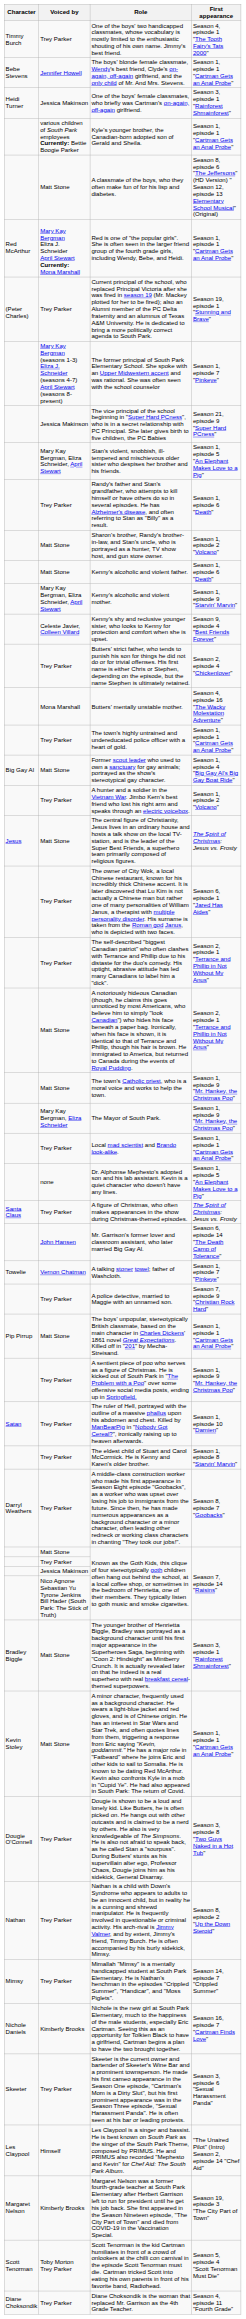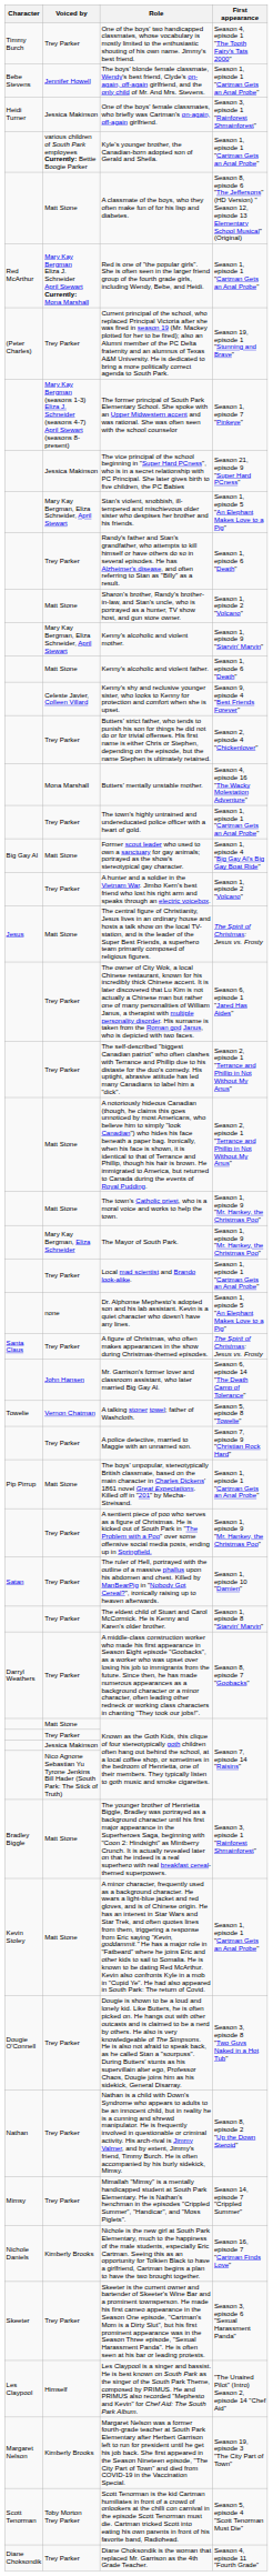 <table class="wikitable sortable collapsible" style="width:100%;">
 <tr>
 <th style="width:13%;">Character</th>
 <th style="width:22%;">Voiced by</th>
 <th class="unsortable" style="width:44%;">Role</th>
 <th style="width:21%;">First appearance</th>
 </tr>
 <tr>
 <td>Timmy Burch</td>
 <td>Trey Parker</td>
 <td>One of the boys' two handicapped classmates, whose vocabulary is mostly limited to the enthusiastic shouting of his own name. Jimmy's best friend.</td>
 <td>Season 4, episode 1<br>"<a href='#'>The Tooth Fairy's Tats 2000</a>"</td>
 </tr>
 <tr>
 <td>Bebe Stevens</td>
 <td><a href='#'>Jennifer Howell</a></td>
 <td>The boys' blonde female classmate, <a href='#'>Wendy</a>'s best friend, Clyde's <a href='#'>on-again, off-again</a> girlfriend, and the <a href='#'>only child</a> of Mr. And Mrs. Stevens.</td>
 <td>Season 1, episode 1<br>"<a href='#'>Cartman Gets an Anal Probe</a>"</td>
 </tr>
 <tr>
 <td>Heidi Turner</td>
 <td>Jessica Makinson</td>
 <td>One of the boys' female classmates, who briefly was Cartman's <a href='#'>on-again, off-again</a> girlfriend.</td>
 <td>Season 3, episode 1<br>"<a href='#'>Rainforest Shmainforest</a>"</td>
 </tr>
 <tr>
 <td></td>
 <td>various children of <em>South Park</em> employees <strong>Currently:</strong> Bettie Boogie Parker</td>
 <td>Kyle's younger brother, the Canadian-born adopted son of Gerald and Sheila.</td>
 <td>Season 1, episode 1<br>"<a href='#'>Cartman Gets an Anal Probe</a>"</td>
 </tr>
 <tr>
 <td></td>
 <td>Matt Stone</td>
 <td>A classmate of the boys, who they often make fun of for his lisp and diabetes.</td>
 <td>Season 8, episode 6<br>"<a href='#'>The Jeffersons</a>" (HD Version) " Season 12, episode 13 <a href='#'>Elementary School Musical</a>" (Original)</td>
 </tr>
 <tr>
 <td> Red McArthur</td>
 <td><br><a href='#'>Mary Kay Bergman</a><br>Eliza J. Schneider<br><a href='#'>April Stewart</a><br><strong>Currently:</strong><br><a href='#'>Mona Marshall</a></td>
 <td>Red is one of "the popular girls". She is often seen in the larger friend group of the fourth grade girls, including Wendy, Bebe, and Heidi.</td>
 <td>Season 1, episode 1<br>"<a href='#'>Cartman Gets an Anal Probe</a>"</td>
 </tr>
 <tr>
 <td><br>(Peter Charles)</td>
 <td>Trey Parker</td>
 <td>Current principal of the school, who replaced Principal Victoria after she was fired in <a href='#'>season 19</a> (Mr. Mackey plotted for her to be fired); also an Alumni member of the PC Delta fraternity and an alumnus of Texas A&M University. He is dedicated to bring a more politically correct agenda to South Park.</td>
 <td>Season 19, episode 1<br>"<a href='#'>Stunning and Brave</a>"</td>
 </tr>
 <tr>
 <td></td>
 <td><a href='#'>Mary Kay Bergman</a> (seasons 1-3)<br><a href='#'>Eliza J. Schneider</a> (seasons 4-7)<br><a href='#'>April Stewart</a> (seasons 8-present)</td>
 <td>The former principal of South Park Elementary School. She spoke with an <a href='#'>Upper Midwestern accent</a> and was rational. She was often seen with the school counselor</td>
 <td>Season 1, episode 7<br>"<a href='#'>Pinkeye</a>"</td>
 </tr>
 <tr>
 <td></td>
 <td>Jessica Makinson</td>
 <td>The vice principal of the school beginning in "<a href='#'>Super Hard PCness</a>", who is in a secret relationship with PC Principal. She later gives birth to five children, the PC Babies</td>
 <td>Season 21, episode 9<br>"<a href='#'>Super Hard PCness</a>"</td>
 </tr>
 <tr>
 <td></td>
 <td>Mary Kay Bergman, Eliza Schneider, <a href='#'>April Stewart</a></td>
 <td>Stan's violent, snobbish, ill-tempered and mischievous older sister who despises her brother and his friends.</td>
 <td>Season 1, episode 5<br>"<a href='#'>An Elephant Makes Love to a Pig</a>"</td>
 </tr>
 <tr>
 <td></td>
 <td>Trey Parker</td>
 <td>Randy's father and Stan's grandfather, who attempts to kill himself or have others do so in several episodes. He has <a href='#'>Alzheimer's disease</a>, and often referring to Stan as "Billy" as a result.</td>
 <td>Season 1, episode 6<br>"<a href='#'>Death</a>"</td>
 </tr>
 <tr>
 <td></td>
 <td>Matt Stone</td>
 <td>Sharon's brother, Randy's brother-in-law, and Stan's uncle, who is portrayed as a hunter, TV show host, and gun store owner.</td>
 <td>Season 1, episode 2<br>"<a href='#'>Volcano</a>"</td>
 </tr>
 <tr>
 <td></td>
+<td>Mary Kay Bergman, Eliza Schneider, <a href='#'>April Stewart</a></td>
+<td>Kenny's alcoholic and violent mother.</td>
+<td>Season 1, episode 9<br>"<a href='#'>Starvin' Marvin</a>"</td>
+</tr>
+<tr>
+<td></td>
 <td>Matt Stone</td>
 <td>Kenny's alcoholic and violent father.</td>
 <td>Season 1, episode 6<br>"<a href='#'>Death</a>"</td>
-</tr>
-<tr>
-<td></td>
-<td>Mary Kay Bergman, Eliza Schneider, <a href='#'>April Stewart</a></td>
-<td>Kenny's alcoholic and violent mother.</td>
-<td>Season 1, episode 9<br>"<a href='#'>Starvin' Marvin</a>"</td>
 </tr>
 <tr>
 <td></td>
 <td>Celeste Javier, <a href='#'>Colleen Villard</a></td>
 <td>Kenny's shy and reclusive younger sister, who looks to Kenny for protection and comfort when she is upset.</td>
 <td>Season 9, episode 4<br>"<a href='#'>Best Friends Forever</a>"</td>
 </tr>
 <tr>
 <td></td>
 <td>Trey Parker</td>
 <td>Butters' strict father, who tends to punish his son for things he did not do or for trivial offenses.  His first name is either Chris or Stephen, depending on the episode, but the name Stephen is ultimately retained.</td>
 <td>Season 2, episode 4<br>"<a href='#'>Chickenlover</a>"</td>
 </tr>
 <tr>
 <td></td>
 <td>Mona Marshall</td>
 <td>Butters' mentally unstable mother.</td>
 <td>Season 4, episode 16<br>"<a href='#'>The Wacky Molestation Adventure</a>"</td>
 </tr>
 <tr>
 <td></td>
 <td>Trey Parker</td>
 <td>The town's highly untrained and undereducated police officer with a heart of gold.</td>
 <td>Season 1, episode 1<br>"<a href='#'>Cartman Gets an Anal Probe</a>"</td>
 </tr>
 <tr>
 <td>Big Gay Al</td>
 <td>Matt Stone</td>
 <td>Former <a href='#'>scout leader</a> who used to own a <a href='#'>sanctuary</a> for gay animals; portrayed as the show's stereotypical gay character.</td>
 <td>Season 1, episode 4<br>"<a href='#'>Big Gay Al's Big Gay Boat Ride</a>"</td>
 </tr>
 <tr>
 <td></td>
 <td>Trey Parker</td>
 <td>A hunter and a soldier in the <a href='#'>Vietnam War</a>. Jimbo Kern's best friend who lost his right arm and speaks through an <a href='#'>electric voicebox</a>.</td>
 <td>Season 1, episode 2<br>"<a href='#'>Volcano</a>"</td>
 </tr>
 <tr>
 <td><a href='#'>Jesus</a></td>
 <td>Matt Stone</td>
 <td>The central figure of Christianity, Jesus lives in an ordinary house and hosts a talk show on the local TV-station, and is the leader of the Super Best Friends, a superhero team primarily composed of religious figures.</td>
 <td><em><a href='#'>The Spirit of Christmas</a>: Jesus vs. Frosty</em></td>
 </tr>
 <tr>
 <td></td>
 <td>Trey Parker</td>
 <td>The owner of City Wok, a local Chinese restaurant, known for his incredibly thick Chinese accent. It is later discovered that Lu Kim is not actually a Chinese man but rather one of many personalities of William Janus, a therapist with <a href='#'>multiple personality disorder</a>. His surname is taken from the <a href='#'>Roman god</a> <a href='#'>Janus</a>, who is depicted with two faces.</td>
 <td>Season 6, episode 1<br>"<a href='#'>Jared Has Aides</a>"</td>
 </tr>
 <tr>
 <td></td>
 <td>Trey Parker</td>
 <td>The self-described "biggest Canadian patriot" who often clashes with Terrance and Phillip due to his distaste for the duo's comedy. His uptight, abrasive attitude has led many Canadians to label him a "dick".</td>
 <td>Season 2, episode 1<br>"<a href='#'>Terrance and Phillip in Not Without My Anus</a>"</td>
 </tr>
 <tr>
 <td></td>
 <td>Matt Stone</td>
 <td>A notoriously hideous Canadian (though, he claims this goes unnoticed by most Americans, who believe him to simply "look <a href='#'>Canadian</a>") who hides his face beneath a paper bag. Ironically, when his face is shown, it is identical to that of Terrance and Phillip, though his hair is brown. He immigrated to America, but returned to Canada during the events of <a href='#'>Royal Pudding</a>.</td>
 <td>Season 2, episode 1<br>"<a href='#'>Terrance and Phillip in Not Without My Anus</a>"</td>
 </tr>
 <tr>
 <td></td>
 <td>Matt Stone</td>
 <td>The town's <a href='#'>Catholic priest</a>, who is a moral voice and works to help the town.</td>
 <td>Season 1, episode 9<br>"<a href='#'>Mr. Hankey, the Christmas Poo</a>"</td>
 </tr>
 <tr>
 <td></td>
 <td>Mary Kay Bergman, <a href='#'>Eliza Schneider</a> </td>
 <td>The Mayor of South Park.</td>
 <td>Season 1, episode 9<br>"<a href='#'>Mr. Hankey, the Christmas Poo</a>"</td>
 </tr>
 <tr>
 <td></td>
 <td>Trey Parker</td>
 <td>Local <a href='#'>mad scientist</a> and <a href='#'>Brando</a> <a href='#'>look-alike</a>.</td>
 <td>Season 1, episode 1<br>"<a href='#'>Cartman Gets an Anal Probe</a>"</td>
 </tr>
 <tr>
 <td></td>
 <td>none</td>
 <td>Dr. Alphonse Mephesto's adopted son and his lab assistant. Kevin is a quiet character who doesn't have any lines.</td>
 <td>Season 1, episode 5<br>"<a href='#'>An Elephant Makes Love to a Pig</a>"</td>
 </tr>
 <tr>
 <td><a href='#'>Santa Claus</a></td>
 <td>Trey Parker</td>
 <td>A figure of Christmas, who often makes appearances in the show during Christmas-themed episodes.</td>
 <td><em><a href='#'>The Spirit of Christmas</a>: Jesus vs. Frosty</em></td>
 </tr>
 <tr>
 <td></td>
 <td><a href='#'>John Hansen</a></td>
 <td>Mr. Garrison's former lover and classroom assistant, who later married Big Gay Al.</td>
 <td>Season 6, episode 14<br>"<a href='#'>The Death Camp of Tolerance</a>"</td>
 </tr>
 <tr>
 <td>Towelie</td>
 <td><a href='#'>Vernon Chatman</a></td>
 <td>A talking <a href='#'>stoner</a> <a href='#'>towel</a>; father of Washcloth.</td>
-<td>Season 1, episode 7<br>"<a href='#'>Pinkeye</a>"</td>
+<td>Season 5, episode 8<br>"<a href='#'>Towelie</a>"</td>
 </tr>
 <tr>
 <td></td>
 <td>Trey Parker</td>
 <td>A police detective, married to Maggie with an unnamed son.</td>
 <td>Season 7, episode 9<br>"<a href='#'>Christian Rock Hard</a>"</td>
 </tr>
 <tr>
 <td>Pip Pirrup</td>
 <td>Matt Stone</td>
 <td>The boys' unpopular, stereotypically British classmate, based on the main character in <a href='#'>Charles Dickens</a>' 1861 novel <em><a href='#'>Great Expectations</a></em>. Killed off in "<a href='#'>201</a>" by Mecha-Streisand.</td>
 <td>Season 1, episode 1<br>"<a href='#'>Cartman Gets an Anal Probe</a>"</td>
 </tr>
 <tr>
 <td></td>
 <td>Trey Parker</td>
 <td>A sentient piece of poo who serves as a figure of Christmas. He is kicked out of South Park in "<a href='#'>The Problem with a Poo</a>" over some offensive social media posts, ending up in <a href='#'>Springfield.</a></td>
 <td>Season 1, episode 9<br>"<a href='#'>Mr. Hankey, the Christmas Poo</a>"</td>
 </tr>
 <tr>
 <td><a href='#'>Satan</a></td>
 <td>Trey Parker</td>
 <td>The ruler of Hell, portrayed with the outline of a massive <a href='#'>phallus</a> upon his abdomen and chest. Killed by <a href='#'>ManBearPig</a> in "<a href='#'>Nobody Got Cereal?</a>", ironically raising up to heaven afterwards.</td>
 <td>Season 1, episode 10<br>"<a href='#'>Damien</a>"</td>
 </tr>
 <tr>
 <td> </td>
 <td>Trey Parker</td>
 <td>The eldest child of Stuart and Carol McCormick. He is Kenny and Karen's older brother.</td>
 <td>Season 1, episode 8<br>"<a href='#'>Starvin' Marvin</a>"</td>
 </tr>
 <tr>
 <td> Darryl Weathers</td>
 <td>Trey Parker</td>
 <td>A middle-class construction worker who made his first appearance in Season Eight episode "Goobacks", as a worker who was upset over losing his job to immigrants from the future. Since then, he has made numerous appearances as a background character or a minor character, often leading other redneck or working class characters in chanting "They took our jobs!".</td>
 <td>Season 8, episode 7<br>"<a href='#'>Goobacks</a>"</td>
 </tr>
 <tr>
 <td> </td>
 <td>Matt Stone</td>
 <td rowspan="4">Known as the Goth Kids, this clique of four stereotypically <a href='#'>goth</a> children often hang out behind the school, at a local coffee shop, or sometimes in the bedroom of Henrietta, one of their members. They typically listen to goth music and smoke cigarettes.</td>
 <td rowspan="4">Season 7, episode 14<br>"<a href='#'>Raisins</a>"</td>
 </tr>
 <tr>
 <td> </td>
 <td>Trey Parker</td>
 </tr>
 <tr>
 <td> </td>
 <td>Jessica Makinson</td>
 </tr>
 <tr>
 <td> </td>
 <td>Nico Agnone<br>Sebastian Yu Tyrone Jenkins Bill Hader (South Park: The Stick of Truth)</td>
 </tr>
 <tr>
 <td> Bradley Biggle</td>
 <td>Matt Stone</td>
 <td>The younger brother of Henrietta Biggle, Bradley was portrayed as a background character until his first major appearance in the Superheroes Saga, beginning with "Coon 2: Hindsight" as Mintberry Crunch. It is actually revealed later on that he indeed is a real superhero with real <a href='#'>breakfast cereal</a>-themed superpowers.</td>
 <td>Season 3, episode 1<br>"<a href='#'>Rainforest Shmainforest</a>"</td>
 </tr>
 <tr>
 <td>Kevin Stoley</td>
 <td>Matt Stone</td>
 <td>A minor character, frequently used as a background character. He wears a light-blue jacket and red gloves, and is of Chinese origin. He has an interest in Star Wars and Star Trek, and often quotes lines from them, triggering a response from Eric saying "<em>Kevin, goddammit."</em> He has a major role in "Fatbeard" where he joins Eric and other kids to sail to Somalia. He is known to be dating Red McArthur. Kevin also confronts Kyle in a mob in "Cupid Ye". He had also appeared in South Park: The return of Covid.</td>
 <td>Season 1, episode 1<br>"<a href='#'>Cartman Gets an Anal Probe</a>"</td>
 </tr>
 <tr>
 <td> Dougie O'Connell</td>
 <td>Trey Parker</td>
 <td>Dougie is shown to be a loud and lonely kid. Like Butters, he is often picked on. He hangs out with other outcasts and is claimed to be a nerd by others. He also is very knowledgeable of <em>The Simpsons</em>. He is also not afraid to speak back, as he called Stan a "sourpuss". During Butters' stunts as his supervillain alter ego, Professor Chaos, Dougie joins him as his sidekick, General Disarray.</td>
 <td>Season 3, episode 8<br>"<a href='#'>Two Guys Naked in a Hot Tub</a>"</td>
 </tr>
 <tr>
 <td> Nathan</td>
 <td>Trey Parker</td>
 <td>Nathan is a child with Down's Syndrome who appears to adults to be an innocent child, but in reality he is a cunning and shrewd manipulator. He is frequently involved in questionable or criminal activity. His arch-rival is <a href='#'>Jimmy Valmer</a>, and by extent, Jimmy's friend, Timmy Burch. He is often accompanied by his burly sidekick, Mimsy.</td>
 <td>Season 8, episode 2<br>"<a href='#'>Up the Down Steroid</a>"</td>
 </tr>
 <tr>
 <td>Mimsy</td>
 <td>Trey Parker</td>
 <td>Mimallah "Mimsy" is a mentally handicapped student at South Park Elementary. He is Nathan's henchman in the episodes "Crippled Summer", "Handicar", and "Moss Piglets".</td>
 <td>Season 14, episode 7<br>"Crippled Summer"</td>
 </tr>
 <tr>
 <td> Nichole Daniels</td>
 <td>Kimberly Brooks</td>
 <td>Nichole is the new girl at South Park Elementary, much to the happiness of the male students, especially Eric Cartman. Seeing this as an opportunity for Tolkien Black to have a girlfriend, Cartman begins a plan to have the two brought together.</td>
 <td>Season 16, episode 7<br>"<a href='#'>Cartman Finds Love</a>"</td>
 </tr>
 <tr>
 <td>  Skeeter</td>
 <td>Trey Parker</td>
 <td>Skeeter is the current owner and bartender of Skeeter's Wine Bar and a prominent townsperson. He made his first cameo appearance in the Season One episode, "Cartman's Mom is a Dirty Slut", but his first prominent appearance was in the Season Three episode, "Sexual Harassment Panda". He is often seen at his bar or leading protests.</td>
 <td>Season 3, episode 6<br>"Sexual Harassment Panda"</td>
 </tr>
 <tr>
 <td>Les Claypool</td>
 <td>  Himself</td>
 <td>Les Claypool is a singer and bassist. He is best known on <em>South Park</em> as the singer of the South Park Theme, composed by PRIMUS. He and PRIMUS also recorded "Mephesto and Kevin" for <em>Chef Aid: The South Park Album</em>.</td>
 <td><br>"The Unaired Pilot" (Intro)<br>Season 2, episode 14 "Chef Aid"</td>
 </tr>
 <tr>
 <td>Margaret Nelson</td>
 <td>Kimberly Brooks</td>
 <td>Margaret Nelson was a former fourth-grade teacher at South Park Elementary after Herbert Garrison left to run for president until he get his job back. She first appeared in the Season Nineteen episode, "The City Part of Town" and died from COVID-19 in the Vaccination Special.</td>
 <td>Season 19, episode 3<br>"The City Part of Town"</td>
 </tr>
 <tr>
 <td>Scott Tenorman</td>
 <td>Toby Morton<br>Trey Parker</td>
 <td>Scott Tenorman is the kid Cartman humiliates in front of a crowd of onlookers at the chilli con carnival in the episode Scott Tenorman must die. Cartman tricked Scott into eating his own parents in front of his favorite band, Radiohead.</td>
 <td>Season 5, episode 4<br>”Scott Tenorman Must Die”</td>
 </tr>
 <tr>
 <td> Diane Choksondik</td>
 <td>Trey Parker</td>
 <td>Diane Choksondik is the woman that replaced Mr. Garrison as the 4th Grade Teacher.</td>
 <td>Season 4, episode 11<br>”Fourth Grade”</td>
 </tr>
 </table>
